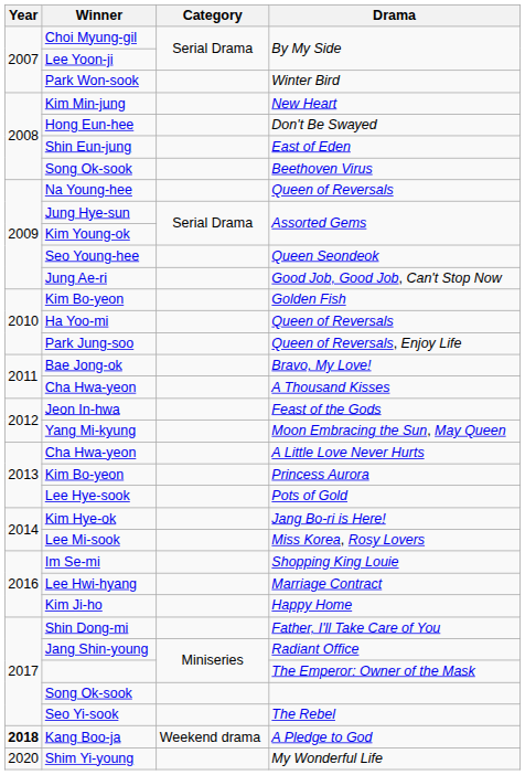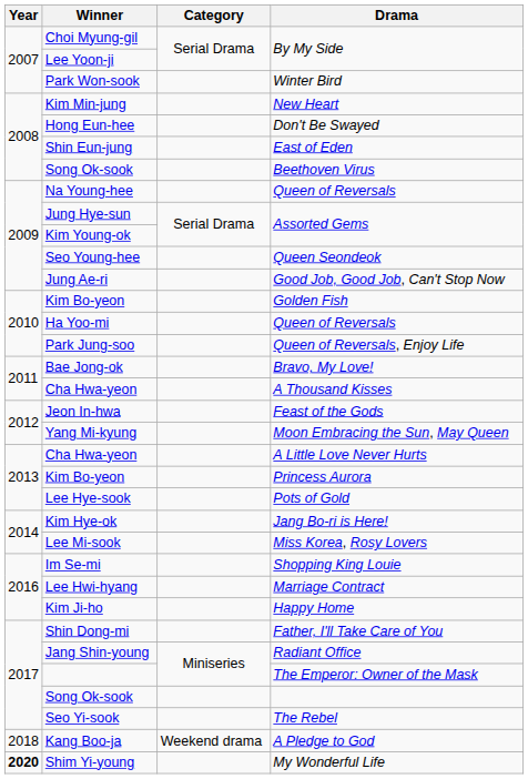 <table class="wikitable" style="width:600px">
 <tr>
 <th width=10>Year</th>
 <th>Winner</th>
 <th>Category</th>
 <th>Drama</th>
 </tr>
 <tr>
 <td rowspan=3>2007</td>
 <td><a href='#'>Choi Myung-gil</a></td>
 <td rowspan=2 style="text-align:center;">Serial Drama</td>
 <td rowspan=2><em>By My Side</em></td>
 </tr>
 <tr>
 <td><a href='#'>Lee Yoon-ji</a></td>
 </tr>
 <tr>
 <td><a href='#'>Park Won-sook</a></td>
 <td></td>
 <td><em>Winter Bird</em></td>
 </tr>
 <tr>
 <td rowspan=4>2008</td>
 <td><a href='#'>Kim Min-jung</a></td>
 <td></td>
 <td><em><a href='#'>New Heart</a></em></td>
 </tr>
 <tr>
 <td><a href='#'>Hong Eun-hee</a></td>
 <td></td>
 <td><em>Don't Be Swayed</em></td>
 </tr>
 <tr>
 <td><a href='#'>Shin Eun-jung</a></td>
 <td></td>
 <td><em><a href='#'>East of Eden</a></em></td>
 </tr>
 <tr>
 <td><a href='#'>Song Ok-sook</a></td>
 <td></td>
 <td><em><a href='#'>Beethoven Virus</a></em></td>
 </tr>
 <tr>
 <td rowspan=5>2009</td>
 <td><a href='#'>Na Young-hee</a></td>
 <td></td>
 <td><em><a href='#'>Queen of Reversals</a></em></td>
 </tr>
 <tr>
 <td><a href='#'>Jung Hye-sun</a></td>
 <td rowspan=2 style="text-align:center;">Serial Drama</td>
 <td rowspan=2><em><a href='#'>Assorted Gems</a></em></td>
 </tr>
 <tr>
 <td><a href='#'>Kim Young-ok</a></td>
 </tr>
 <tr>
 <td><a href='#'>Seo Young-hee</a></td>
 <td></td>
 <td><em><a href='#'>Queen Seondeok</a></em></td>
 </tr>
 <tr>
 <td><a href='#'>Jung Ae-ri</a></td>
 <td></td>
 <td><em><a href='#'>Good Job, Good Job</a></em>, <em>Can't Stop Now</em></td>
 </tr>
 <tr>
 <td rowspan=3>2010</td>
 <td><a href='#'>Kim Bo-yeon</a></td>
 <td></td>
 <td><em><a href='#'>Golden Fish</a></em></td>
 </tr>
 <tr>
 <td><a href='#'>Ha Yoo-mi</a></td>
 <td></td>
 <td><em><a href='#'>Queen of Reversals</a></em></td>
 </tr>
 <tr>
 <td><a href='#'>Park Jung-soo</a></td>
 <td></td>
 <td><em><a href='#'>Queen of Reversals</a></em>, <em>Enjoy Life</em></td>
 </tr>
 <tr>
 <td rowspan=2>2011</td>
 <td><a href='#'>Bae Jong-ok</a></td>
 <td></td>
 <td><em><a href='#'>Bravo, My Love!</a></em></td>
 </tr>
 <tr>
 <td><a href='#'>Cha Hwa-yeon</a></td>
 <td></td>
 <td><em><a href='#'>A Thousand Kisses</a></em></td>
 </tr>
 <tr>
 <td rowspan=2>2012</td>
 <td><a href='#'>Jeon In-hwa</a></td>
 <td></td>
 <td><em><a href='#'>Feast of the Gods</a></em></td>
 </tr>
 <tr>
 <td><a href='#'>Yang Mi-kyung</a></td>
 <td></td>
 <td><em><a href='#'>Moon Embracing the Sun</a></em>, <em><a href='#'>May Queen</a></em></td>
 </tr>
 <tr>
 <td rowspan=3>2013</td>
 <td><a href='#'>Cha Hwa-yeon</a></td>
 <td></td>
 <td><em><a href='#'>A Little Love Never Hurts</a></em></td>
 </tr>
 <tr>
 <td><a href='#'>Kim Bo-yeon</a></td>
 <td></td>
 <td><em><a href='#'>Princess Aurora</a></em></td>
 </tr>
 <tr>
 <td><a href='#'>Lee Hye-sook</a></td>
 <td></td>
 <td><em><a href='#'>Pots of Gold</a></em></td>
 </tr>
 <tr>
 <td rowspan=2>2014</td>
 <td><a href='#'>Kim Hye-ok</a></td>
 <td></td>
 <td><em><a href='#'>Jang Bo-ri is Here!</a></em></td>
 </tr>
 <tr>
 <td><a href='#'>Lee Mi-sook</a></td>
 <td></td>
 <td><em><a href='#'>Miss Korea</a></em>, <em><a href='#'>Rosy Lovers</a></em></td>
 </tr>
 <tr>
 <td rowspan=3>2016</td>
 <td><a href='#'>Im Se-mi</a></td>
 <td></td>
 <td><em><a href='#'>Shopping King Louie</a></em></td>
 </tr>
 <tr>
 <td><a href='#'>Lee Hwi-hyang</a></td>
 <td></td>
 <td><em><a href='#'>Marriage Contract</a></em></td>
 </tr>
 <tr>
 <td><a href='#'>Kim Ji-ho</a></td>
 <td></td>
 <td><em><a href='#'>Happy Home</a></em></td>
 </tr>
 <tr>
 <td rowspan=5>2017</td>
 <td><a href='#'>Shin Dong-mi</a></td>
 <td></td>
 <td><em><a href='#'>Father, I'll Take Care of You</a></em></td>
 </tr>
 <tr>
 <td><a href='#'>Jang Shin-young</a></td>
 <td rowspan=2 style="text-align:center;">Miniseries</td>
 <td><em><a href='#'>Radiant Office</a></em></td>
 </tr>
 <tr>
 <td></td>
 <td><em><a href='#'>The Emperor: Owner of the Mask</a></em></td>
 </tr>
 <tr>
 <td><a href='#'>Song Ok-sook</a></td>
 <td></td>
 <td><em></em></td>
 </tr>
 <tr>
 <td><a href='#'>Seo Yi-sook</a></td>
 <td></td>
 <td><em><a href='#'>The Rebel</a></em></td>
 </tr>
 <tr>
-<td><strong>2018</strong></td>
+<td>2018</td>
 <td><a href='#'>Kang Boo-ja</a></td>
 <td>Weekend drama</td>
 <td><em><a href='#'>A Pledge to God</a></em></td>
 </tr>
 <tr>
-<td>2020</td>
+<td><strong>2020</strong></td>
 <td><a href='#'>Shim Yi-young</a></td>
 <td></td>
 <td><em>My Wonderful Life</em></td>
 </tr>
 </table>
